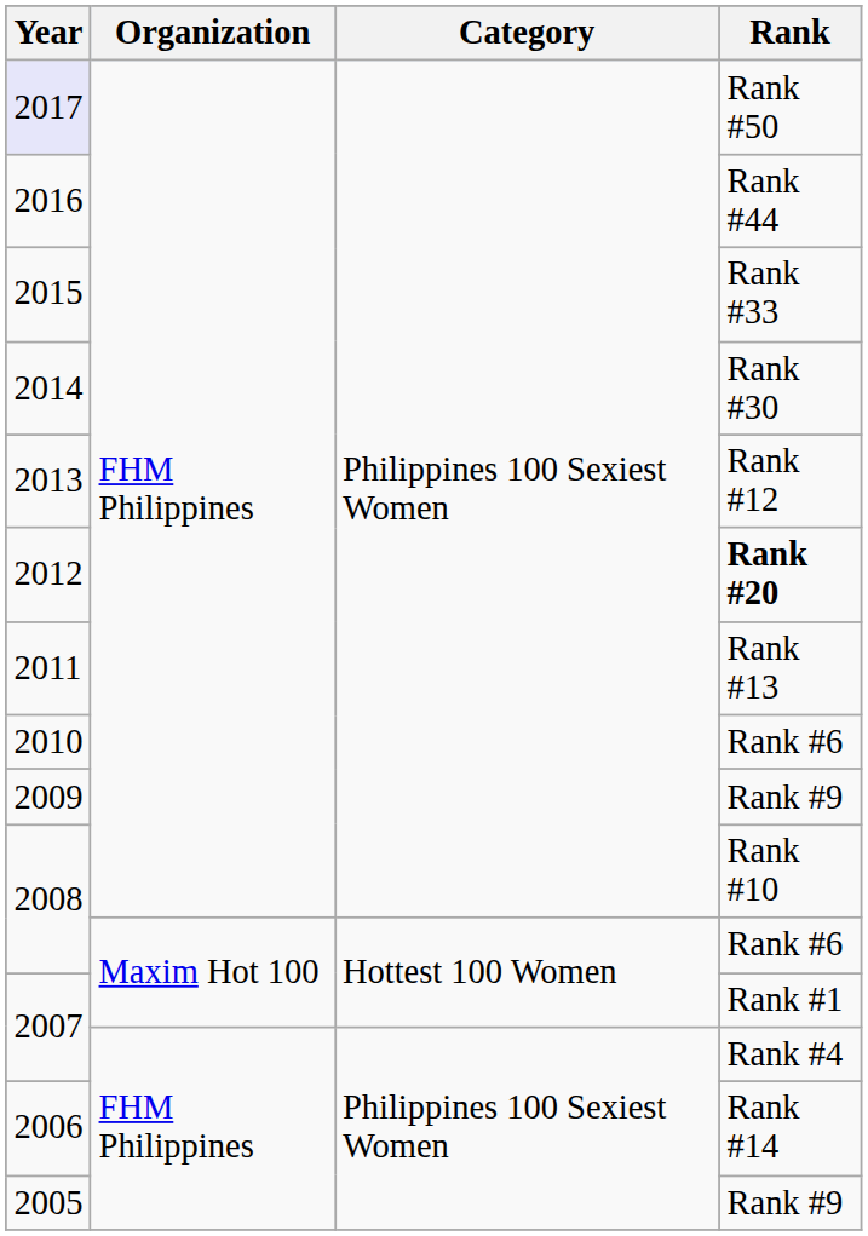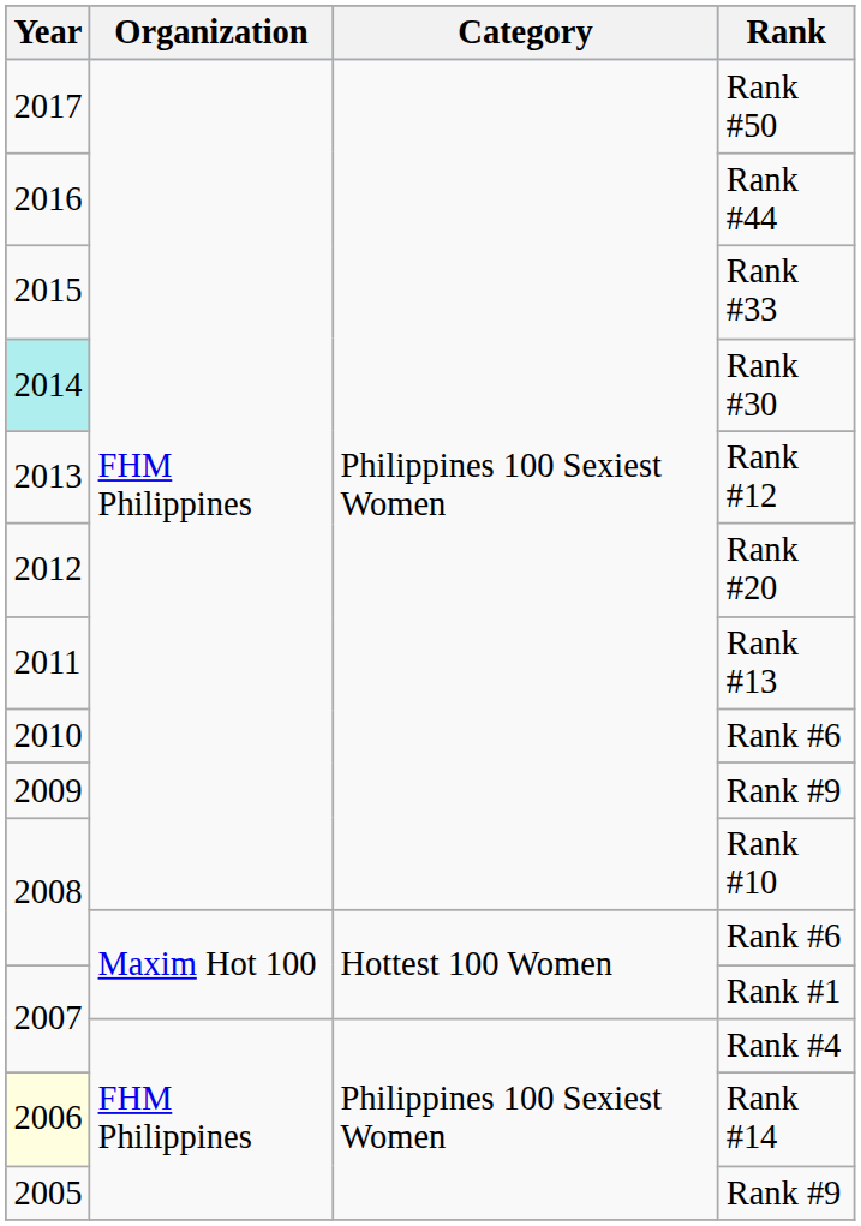 <table class="wikitable sortable" style="width:45%;">
 <tr style="background:#b0c4de; text-align:center;">
 <th>Year</th>
 <th>Organization</th>
 <th>Category</th>
 <th>Rank</th>
 </tr>
 <tr>
-<td style="background: lavender;">2017</td>
+<td>2017</td>
 <td rowspan=10><a href='#'>FHM</a> Philippines</td>
 <td rowspan=10>Philippines 100 Sexiest Women</td>
 <td>Rank #50</td>
 </tr>
 <tr>
 <td>2016</td>
 <td>Rank #44</td>
 </tr>
 <tr>
 <td>2015</td>
 <td>Rank #33</td>
 </tr>
 <tr>
-<td>2014</td>
+<td style="background: paleturquoise;">2014</td>
 <td>Rank #30</td>
 </tr>
 <tr>
 <td>2013</td>
 <td>Rank #12</td>
 </tr>
 <tr>
 <td>2012</td>
-<td><strong>Rank #20</strong></td>
+<td>Rank #20</td>
 </tr>
 <tr>
 <td>2011</td>
 <td>Rank #13</td>
 </tr>
 <tr>
 <td>2010</td>
 <td>Rank #6</td>
 </tr>
 <tr>
 <td>2009</td>
 <td>Rank #9</td>
 </tr>
 <tr>
 <td rowspan=2>2008</td>
 <td>Rank #10</td>
 </tr>
 <tr>
 <td rowspan=2><a href='#'>Maxim</a> Hot 100</td>
 <td rowspan=2>Hottest 100 Women</td>
 <td>Rank #6</td>
 </tr>
 <tr>
 <td rowspan=2>2007</td>
 <td>Rank #1</td>
 </tr>
 <tr>
 <td rowspan=3><a href='#'>FHM</a> Philippines</td>
 <td rowspan=3>Philippines 100 Sexiest Women</td>
 <td>Rank #4</td>
 </tr>
 <tr>
-<td>2006</td>
+<td style="background: lightyellow;">2006</td>
 <td>Rank #14</td>
 </tr>
 <tr>
 <td>2005</td>
 <td>Rank #9</td>
 </tr>
 </table>
